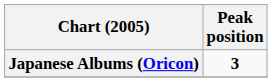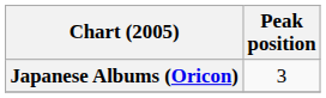 <table class="wikitable plainrowheaders">
 <tr>
 <th>Chart (2005)</th>
 <th>Peak<br>position</th>
 </tr>
 <tr>
 <th scope="row">Japanese Albums (<a href='#'>Oricon</a>)</th>
-<td style="text-align:center;"><strong>3</strong></td>
+<td style="text-align:center;">3</td>
 </tr>
 <tr>
 </tr>
 </table>
